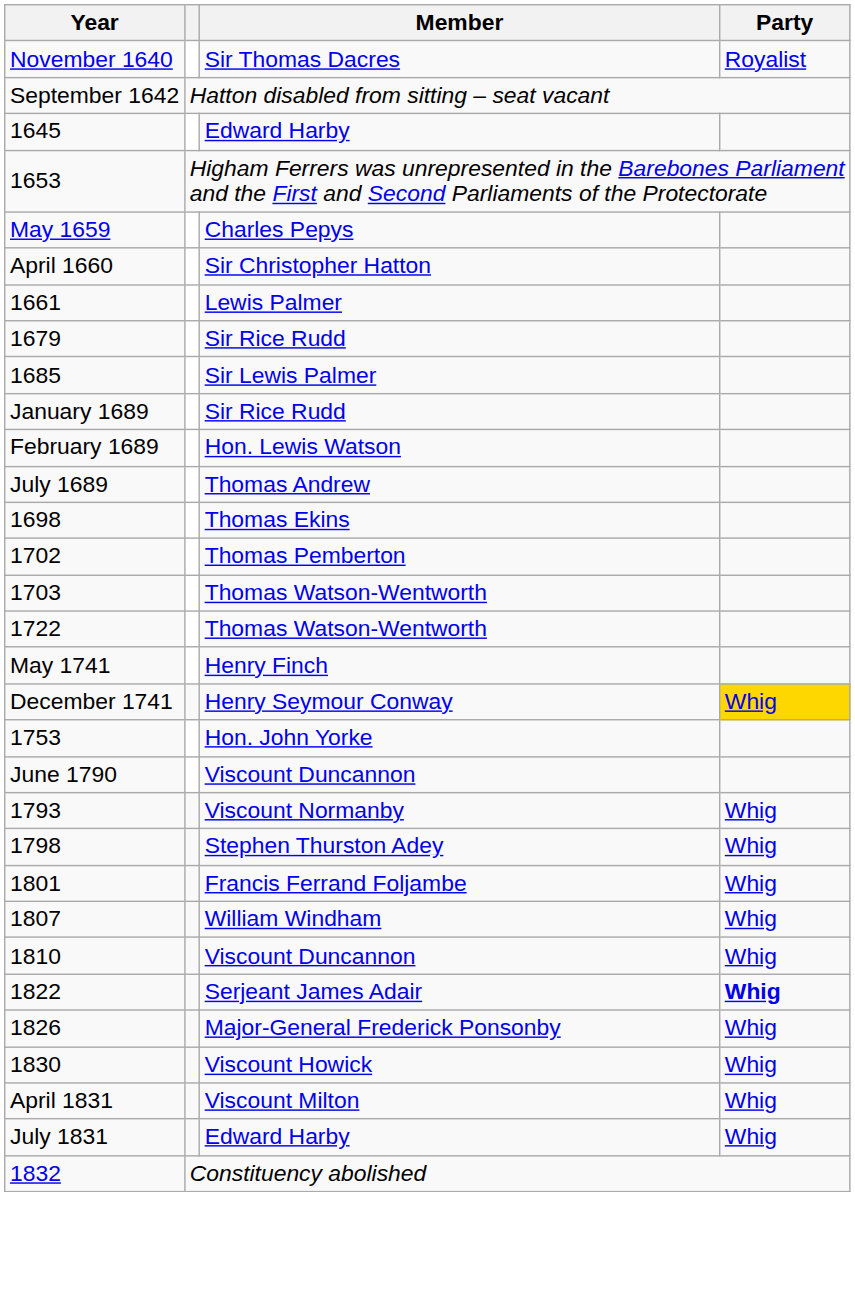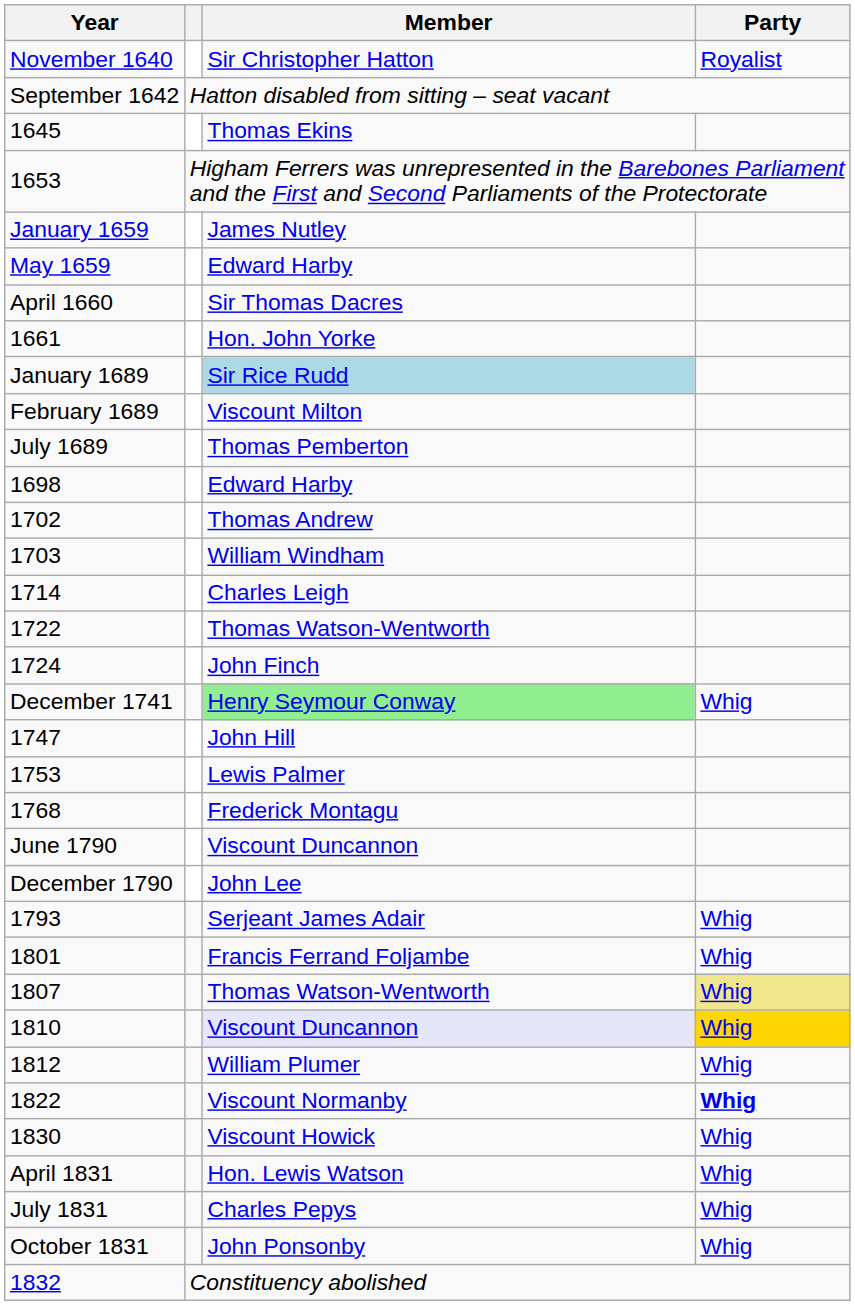 <table class="wikitable">
 <tr>
 <th>Year</th>
 <th></th>
 <th>Member</th>
 <th>Party</th>
 </tr>
 <tr>
 <td><a href='#'>November 1640</a></td>
 <td style="color:inherit;background-color: white"></td>
-<td><a href='#'>Sir Thomas Dacres</a></td>
+<td><a href='#'>Sir Christopher Hatton</a></td>
 <td><a href='#'>Royalist</a></td>
 </tr>
 <tr>
 <td>September 1642</td>
 <td colspan="3"><em>Hatton disabled from sitting – seat vacant</em></td>
 </tr>
 <tr>
 <td>1645</td>
 <td style="color:inherit;background-color: white"></td>
-<td><a href='#'>Edward Harby</a></td>
+<td><a href='#'>Thomas Ekins</a></td>
 <td></td>
 </tr>
 <tr>
 <td>1653</td>
 <td colspan="3"><em>Higham Ferrers was unrepresented in the <a href='#'>Barebones Parliament</a> <br>and the <a href='#'>First</a> and <a href='#'>Second</a> Parliaments of the Protectorate</em></td>
 </tr>
 <tr>
+<td><a href='#'>January 1659</a></td>
+<td style="color:inherit;background-color: white"></td>
+<td><a href='#'>James Nutley</a></td>
+<td></td>
+</tr>
+<tr>
 <td><a href='#'>May 1659</a></td>
 <td style="color:inherit;background-color: white"></td>
-<td><a href='#'>Charles Pepys</a></td>
+<td><a href='#'>Edward Harby</a></td>
 <td></td>
 </tr>
 <tr>
 <td>April 1660</td>
 <td style="color:inherit;background-color: white"></td>
-<td><a href='#'>Sir Christopher Hatton</a></td>
+<td><a href='#'>Sir Thomas Dacres</a></td>
 <td></td>
 </tr>
 <tr>
 <td>1661</td>
 <td style="color:inherit;background-color: white"></td>
-<td><a href='#'>Lewis Palmer</a></td>
-<td></td>
-</tr>
-<tr>
-<td>1679</td>
-<td style="color:inherit;background-color: white"></td>
-<td><a href='#'>Sir Rice Rudd</a></td>
-<td></td>
-</tr>
-<tr>
-<td>1685</td>
-<td style="color:inherit;background-color: white"></td>
-<td><a href='#'>Sir Lewis Palmer</a></td>
+<td><a href='#'>Hon. John Yorke</a></td>
 <td></td>
 </tr>
 <tr>
 <td>January 1689</td>
 <td style="color:inherit;background-color: white"></td>
-<td><a href='#'>Sir Rice Rudd</a></td>
+<td style="background: lightblue;"><a href='#'>Sir Rice Rudd</a></td>
 <td></td>
 </tr>
 <tr>
 <td>February 1689</td>
 <td style="color:inherit;background-color: white"></td>
-<td><a href='#'>Hon. Lewis Watson</a></td>
+<td><a href='#'>Viscount Milton</a></td>
 <td></td>
 </tr>
 <tr>
 <td>July 1689</td>
 <td style="color:inherit;background-color: white"></td>
-<td><a href='#'>Thomas Andrew</a></td>
+<td><a href='#'>Thomas Pemberton</a></td>
 <td></td>
 </tr>
 <tr>
 <td>1698</td>
 <td style="color:inherit;background-color: white"></td>
-<td><a href='#'>Thomas Ekins</a></td>
+<td><a href='#'>Edward Harby</a></td>
 <td></td>
 </tr>
 <tr>
 <td>1702</td>
 <td style="color:inherit;background-color: white"></td>
-<td><a href='#'>Thomas Pemberton</a></td>
+<td><a href='#'>Thomas Andrew</a></td>
 <td></td>
 </tr>
 <tr>
 <td>1703</td>
 <td style="color:inherit;background-color: white"></td>
-<td><a href='#'>Thomas Watson-Wentworth</a></td>
+<td><a href='#'>William Windham</a></td>
+<td></td>
+</tr>
+<tr>
+<td>1714</td>
+<td style="color:inherit;background-color: white"></td>
+<td><a href='#'>Charles Leigh</a></td>
 <td></td>
 </tr>
 <tr>
 <td>1722</td>
 <td style="color:inherit;background-color: white"></td>
 <td><a href='#'>Thomas Watson-Wentworth</a></td>
 <td></td>
 </tr>
 <tr>
-<td>May 1741</td>
+<td>1724</td>
 <td style="color:inherit;background-color: white"></td>
-<td><a href='#'>Henry Finch</a></td>
+<td><a href='#'>John Finch</a></td>
 <td></td>
 </tr>
 <tr>
 <td>December 1741</td>
 <td style="color:inherit;background-color: "></td>
-<td><a href='#'>Henry Seymour Conway</a></td>
-<td style="background: gold;"><a href='#'>Whig</a></td>
+<td style="background: lightgreen;"><a href='#'>Henry Seymour Conway</a></td>
+<td><a href='#'>Whig</a></td>
+</tr>
+<tr>
+<td>1747</td>
+<td style="color:inherit;background-color: white"></td>
+<td><a href='#'>John Hill</a></td>
+<td></td>
 </tr>
 <tr>
 <td>1753</td>
 <td style="color:inherit;background-color: white"></td>
-<td><a href='#'>Hon. John Yorke</a></td>
+<td><a href='#'>Lewis Palmer</a></td>
+<td></td>
+</tr>
+<tr>
+<td>1768</td>
+<td style="color:inherit;background-color: white"></td>
+<td><a href='#'>Frederick Montagu</a></td>
 <td></td>
 </tr>
 <tr>
 <td>June 1790</td>
 <td style="color:inherit;background-color: white"></td>
 <td><a href='#'>Viscount Duncannon</a></td>
 <td></td>
 </tr>
 <tr>
+<td>December 1790</td>
+<td style="color:inherit;background-color: white"></td>
+<td><a href='#'>John Lee</a></td>
+<td></td>
+</tr>
+<tr>
 <td>1793</td>
 <td style="color:inherit;background-color: "></td>
-<td><a href='#'>Viscount Normanby</a></td>
-<td><a href='#'>Whig</a></td>
-</tr>
-<tr>
-<td>1798</td>
-<td style="color:inherit;background-color: "></td>
-<td><a href='#'>Stephen Thurston Adey</a></td>
+<td><a href='#'>Serjeant James Adair</a></td>
 <td><a href='#'>Whig</a></td>
 </tr>
 <tr>
 <td>1801</td>
 <td style="color:inherit;background-color: "></td>
 <td><a href='#'>Francis Ferrand Foljambe</a></td>
 <td><a href='#'>Whig</a></td>
 </tr>
 <tr>
 <td>1807</td>
 <td style="color:inherit;background-color: "></td>
-<td><a href='#'>William Windham</a></td>
-<td><a href='#'>Whig</a></td>
+<td><a href='#'>Thomas Watson-Wentworth</a></td>
+<td style="background: khaki;"><a href='#'>Whig</a></td>
 </tr>
 <tr>
 <td>1810</td>
 <td style="color:inherit;background-color: "></td>
-<td><a href='#'>Viscount Duncannon</a></td>
+<td style="background: lavender;"><a href='#'>Viscount Duncannon</a></td>
+<td style="background: gold;"><a href='#'>Whig</a></td>
+</tr>
+<tr>
+<td>1812</td>
+<td style="color:inherit;background-color: "></td>
+<td><a href='#'>William Plumer</a></td>
 <td><a href='#'>Whig</a></td>
 </tr>
 <tr>
 <td>1822</td>
 <td style="color:inherit;background-color: "></td>
-<td><a href='#'>Serjeant James Adair</a></td>
+<td><a href='#'>Viscount Normanby</a></td>
 <td><strong><a href='#'>Whig</a></strong></td>
-</tr>
-<tr>
-<td>1826</td>
-<td style="color:inherit;background-color: "></td>
-<td><a href='#'>Major-General Frederick Ponsonby</a></td>
-<td><a href='#'>Whig</a></td>
 </tr>
 <tr>
 <td>1830</td>
 <td style="color:inherit;background-color: "></td>
 <td><a href='#'>Viscount Howick</a></td>
 <td><a href='#'>Whig</a></td>
 </tr>
 <tr>
 <td>April 1831</td>
 <td style="color:inherit;background-color: "></td>
-<td><a href='#'>Viscount Milton</a></td>
+<td><a href='#'>Hon. Lewis Watson</a></td>
 <td><a href='#'>Whig</a></td>
 </tr>
 <tr>
 <td>July 1831</td>
 <td style="color:inherit;background-color: "></td>
-<td><a href='#'>Edward Harby</a></td>
+<td><a href='#'>Charles Pepys</a></td>
+<td><a href='#'>Whig</a></td>
+</tr>
+<tr>
+<td>October 1831</td>
+<td style="color:inherit;background-color: "></td>
+<td><a href='#'>John Ponsonby</a></td>
 <td><a href='#'>Whig</a></td>
 </tr>
 <tr>
 <td><a href='#'>1832</a></td>
 <td colspan="3"><em>Constituency abolished</em></td>
 </tr>
 </table>
